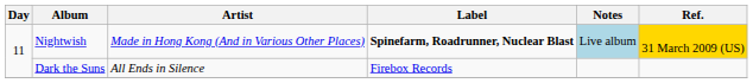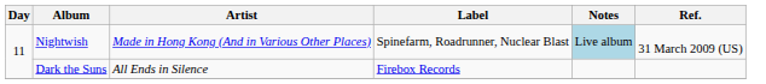 <table class="wikitable">
 <tr>
 <th>Day</th>
 <th>Album</th>
 <th>Artist</th>
 <th>Label</th>
 <th>Notes</th>
 <th>Ref.</th>
 </tr>
 <tr>
 <td rowspan="2" style="text-align:center;">11</td>
 <td><a href='#'>Nightwish</a></td>
 <td><em><a href='#'>Made in Hong Kong (And in Various Other Places)</a></em></td>
-<td><strong>Spinefarm, Roadrunner, Nuclear Blast</strong></td>
+<td>Spinefarm, Roadrunner, Nuclear Blast</td>
 <td style="background: lightblue;">Live album</td>
-<td style="background: gold;"><br>31 March 2009 (US)</td>
+<td><br>31 March 2009 (US)</td>
 </tr>
 <tr>
 <td><a href='#'>Dark the Suns</a></td>
 <td><em>All Ends in Silence</em></td>
 <td><a href='#'>Firebox Records</a></td>
 <td></td>
 <td></td>
 </tr>
 <tr>
 </tr>
 </table>
